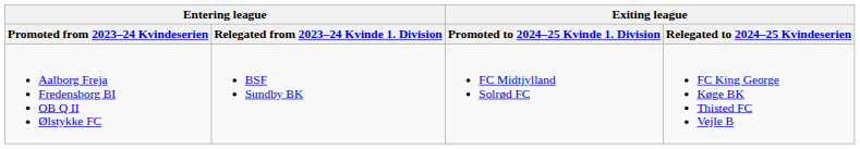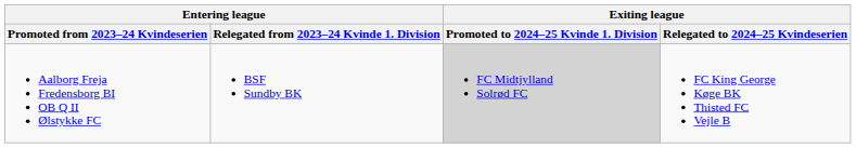 <table class="wikitable">
 <tr>
 <th colspan="2">Entering league</th>
 <th colspan="2">Exiting league</th>
 </tr>
 <tr>
 <th>Promoted from <a href='#'>2023–24 Kvindeserien</a></th>
 <th>Relegated from <a href='#'>2023–24 Kvinde 1. Division</a></th>
 <th>Promoted to <a href='#'>2024–25 Kvinde 1. Division</a></th>
 <th>Relegated to <a href='#'>2024–25 Kvindeserien</a></th>
 </tr>
 <tr style="vertical-align:top;">
 <td><br><ul><li><a href='#'>Aalborg Freja</a></li><li><a href='#'>Fredensborg BI</a></li><li><a href='#'>OB Q II</a></li><li><a href='#'>Ølstykke FC</a></li></ul></td>
 <td><br><ul><li><a href='#'>BSF</a></li><li><a href='#'>Sundby BK</a></li></ul></td>
-<td><br><ul><li><a href='#'>FC Midtjylland</a></li><li><a href='#'>Solrød FC</a></li></ul></td>
+<td style="background: lightgrey;"><br><ul><li><a href='#'>FC Midtjylland</a></li><li><a href='#'>Solrød FC</a></li></ul></td>
 <td><br><ul><li><a href='#'>FC King George</a></li><li><a href='#'>Køge BK</a></li><li><a href='#'>Thisted FC</a></li><li><a href='#'>Vejle B</a></li></ul></td>
 </tr>
 </table>
